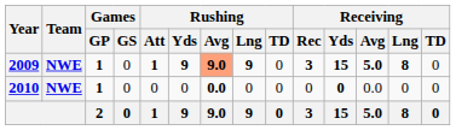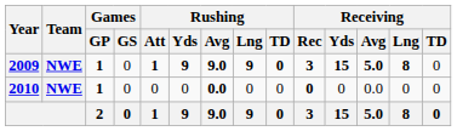 <table class="wikitable" style="text-align:center;">
 <tr>
 <th rowspan="2">Year</th>
 <th rowspan="2">Team</th>
 <th colspan="2">Games</th>
 <th colspan="5">Rushing</th>
 <th colspan="5">Receiving</th>
 </tr>
 <tr>
 <th>GP</th>
 <th>GS</th>
 <th>Att</th>
 <th>Yds</th>
 <th>Avg</th>
 <th>Lng</th>
 <th>TD</th>
 <th>Rec</th>
 <th>Yds</th>
 <th>Avg</th>
 <th>Lng</th>
 <th>TD</th>
 </tr>
 <tr>
 <th><a href='#'>2009</a></th>
 <th><a href='#'>NWE</a></th>
 <td><strong>1</strong></td>
 <td>0</td>
 <td><strong>1</strong></td>
 <td><strong>9</strong></td>
-<td style="background: lightsalmon;"><strong>9.0</strong></td>
+<td><strong>9.0</strong></td>
 <td><strong>9</strong></td>
-<td>0</td>
+<td><strong>0</strong></td>
 <td><strong>3</strong></td>
 <td><strong>15</strong></td>
 <td><strong>5.0</strong></td>
 <td><strong>8</strong></td>
 <td>0</td>
 </tr>
 <tr>
 <th><a href='#'>2010</a></th>
 <th><a href='#'>NWE</a></th>
 <td><strong>1</strong></td>
 <td>0</td>
 <td>0</td>
 <td>0</td>
 <td><strong>0.0</strong></td>
 <td>0</td>
 <td>0</td>
+<td><strong>0</strong></td>
 <td>0</td>
-<td><strong>0</strong></td>
 <td>0.0</td>
 <td>0</td>
 <td>0</td>
 </tr>
 <tr>
 <th colspan="2"></th>
 <th>2</th>
 <th>0</th>
 <th>1</th>
 <th>9</th>
 <th>9.0</th>
 <th>9</th>
 <th>0</th>
 <th>3</th>
 <th>15</th>
 <th>5.0</th>
 <th>8</th>
 <th>0</th>
 </tr>
 </table>
